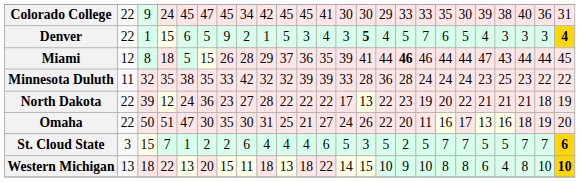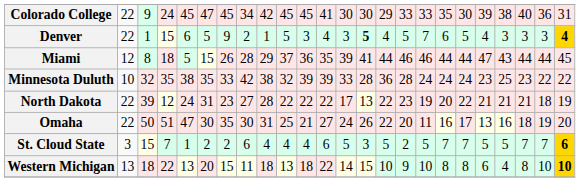 <table class="wikitable sortable" style="text-align: center;">
 <tr>
 </tr>
 <tr>
 <th>Colorado College</th>
 <td>22</td>
 <td bgcolor=D8FFEB>9</td>
 <td bgcolor=FFE6E6>24</td>
 <td bgcolor=FFE6E6>45</td>
 <td bgcolor=FFE6E6>47</td>
 <td bgcolor=FFE6E6>45</td>
 <td bgcolor=FFE6E6>34</td>
 <td bgcolor=FFE6E6>42</td>
 <td bgcolor=FFE6E6>45</td>
 <td bgcolor=FFE6E6>45</td>
 <td bgcolor=FFE6E6>41</td>
 <td bgcolor=FFE6E6>30</td>
 <td bgcolor=FFE6E6>30</td>
 <td bgcolor=FFE6E6>29</td>
 <td bgcolor=FFE6E6>33</td>
 <td bgcolor=FFE6E6>33</td>
 <td bgcolor=FFE6E6>35</td>
 <td bgcolor=FFE6E6>30</td>
 <td bgcolor=FFE6E6>39</td>
 <td bgcolor=FFE6E6>38</td>
 <td bgcolor=FFE6E6>40</td>
 <td bgcolor=FFE6E6>36</td>
 <td bgcolor=FFE6E6>31</td>
 </tr>
 <tr>
 <th>Denver</th>
 <td>22</td>
 <td bgcolor=D8FFEB>1</td>
 <td bgcolor=FFFFE6>15</td>
 <td bgcolor=D8FFEB>6</td>
 <td bgcolor=D8FFEB>5</td>
 <td bgcolor=D8FFEB>9</td>
 <td bgcolor=D8FFEB>2</td>
 <td bgcolor=D8FFEB>1</td>
 <td bgcolor=D8FFEB>5</td>
 <td bgcolor=D8FFEB>3</td>
 <td bgcolor=D8FFEB>4</td>
 <td bgcolor=D8FFEB>3</td>
 <td bgcolor=D8FFEB><strong>5</strong></td>
 <td bgcolor=D8FFEB>4</td>
 <td bgcolor=D8FFEB>5</td>
 <td bgcolor=D8FFEB>7</td>
 <td bgcolor=D8FFEB>6</td>
 <td bgcolor=D8FFEB>5</td>
 <td bgcolor=D8FFEB>4</td>
 <td bgcolor=D8FFEB>3</td>
 <td bgcolor=D8FFEB>3</td>
 <td bgcolor=D8FFEB>3</td>
 <td bgcolor=gold><strong>4</strong></td>
 </tr>
 <tr>
 <th>Miami</th>
 <td>12</td>
 <td bgcolor=D8FFEB>8</td>
 <td bgcolor=FFE6E6>18</td>
 <td bgcolor=D8FFEB>5</td>
 <td bgcolor=FFFFE6>15</td>
 <td bgcolor=FFE6E6>26</td>
 <td bgcolor=FFE6E6>28</td>
 <td bgcolor=FFE6E6>29</td>
 <td bgcolor=FFE6E6>37</td>
 <td bgcolor=FFE6E6>36</td>
 <td bgcolor=FFE6E6>35</td>
 <td bgcolor=FFE6E6>39</td>
 <td bgcolor=FFE6E6>41</td>
 <td bgcolor=FFE6E6>44</td>
-<td bgcolor=FFE6E6><strong>46</strong></td>
+<td bgcolor=FFE6E6>46</td>
 <td bgcolor=FFE6E6>46</td>
 <td bgcolor=FFE6E6>44</td>
 <td bgcolor=FFE6E6>44</td>
 <td bgcolor=FFE6E6>47</td>
 <td bgcolor=FFE6E6>43</td>
 <td bgcolor=FFE6E6>44</td>
 <td bgcolor=FFE6E6>44</td>
 <td bgcolor=FFE6E6>45</td>
 </tr>
 <tr>
 <th>Minnesota Duluth</th>
-<td>11</td>
+<td>10</td>
 <td bgcolor=FFE6E6>32</td>
 <td bgcolor=FFE6E6>35</td>
 <td bgcolor=FFE6E6>38</td>
 <td bgcolor=FFE6E6>35</td>
 <td bgcolor=FFE6E6>33</td>
 <td bgcolor=FFE6E6>42</td>
-<td bgcolor=FFE6E6>32</td>
+<td bgcolor=FFE6E6>38</td>
 <td bgcolor=FFE6E6>32</td>
 <td bgcolor=FFE6E6>39</td>
 <td bgcolor=FFE6E6>39</td>
 <td bgcolor=FFE6E6>33</td>
 <td bgcolor=FFE6E6>28</td>
 <td bgcolor=FFE6E6>36</td>
 <td bgcolor=FFE6E6>28</td>
 <td bgcolor=FFE6E6>24</td>
 <td bgcolor=FFE6E6>24</td>
 <td bgcolor=FFE6E6>24</td>
 <td bgcolor=FFE6E6>23</td>
 <td bgcolor=FFE6E6>25</td>
 <td bgcolor=FFE6E6>23</td>
 <td bgcolor=FFE6E6>22</td>
 <td bgcolor=FFE6E6>22</td>
 </tr>
 <tr>
 <th>North Dakota</th>
 <td>22</td>
 <td bgcolor=FFE6E6>39</td>
 <td bgcolor=FFFFE6>12</td>
 <td bgcolor=FFE6E6>24</td>
-<td bgcolor=FFE6E6>36</td>
+<td bgcolor=FFE6E6>31</td>
 <td bgcolor=FFE6E6>23</td>
 <td bgcolor=FFE6E6>27</td>
 <td bgcolor=FFE6E6>28</td>
 <td bgcolor=FFE6E6>22</td>
 <td bgcolor=FFE6E6>22</td>
 <td bgcolor=FFE6E6>22</td>
 <td bgcolor=FFE6E6>17</td>
 <td bgcolor=FFFFE6>13</td>
 <td bgcolor=FFE6E6>22</td>
 <td bgcolor=FFE6E6>23</td>
 <td bgcolor=FFE6E6>19</td>
 <td bgcolor=FFE6E6>20</td>
 <td bgcolor=FFE6E6>22</td>
 <td bgcolor=FFE6E6>21</td>
 <td bgcolor=FFE6E6>21</td>
 <td bgcolor=FFE6E6>21</td>
 <td bgcolor=FFE6E6>18</td>
 <td bgcolor=FFE6E6>19</td>
 </tr>
 <tr>
 <th>Omaha</th>
 <td>22</td>
 <td bgcolor=FFE6E6>50</td>
 <td bgcolor=FFE6E6>51</td>
 <td bgcolor=FFE6E6>47</td>
 <td bgcolor=FFE6E6>30</td>
 <td bgcolor=FFE6E6>35</td>
 <td bgcolor=FFE6E6>30</td>
 <td bgcolor=FFE6E6>31</td>
 <td bgcolor=FFE6E6>25</td>
 <td bgcolor=FFE6E6>21</td>
 <td bgcolor=FFE6E6>27</td>
 <td bgcolor=FFE6E6>24</td>
 <td bgcolor=FFE6E6>26</td>
 <td bgcolor=FFE6E6>22</td>
 <td bgcolor=FFE6E6>20</td>
 <td bgcolor=FFE6E6>11</td>
 <td bgcolor=FFFFE6>16</td>
 <td bgcolor=FFE6E6>17</td>
 <td bgcolor=FFFFE6>13</td>
 <td bgcolor=FFFFE6>16</td>
 <td bgcolor=FFE6E6>18</td>
 <td bgcolor=FFE6E6>19</td>
 <td bgcolor=FFE6E6>20</td>
 </tr>
 <tr>
 <th>St. Cloud State</th>
 <td>3</td>
 <td bgcolor=FFFFE6>15</td>
 <td bgcolor=D8FFEB>7</td>
 <td bgcolor=D8FFEB>1</td>
 <td bgcolor=D8FFEB>2</td>
 <td bgcolor=D8FFEB>2</td>
 <td bgcolor=D8FFEB>6</td>
 <td bgcolor=D8FFEB>4</td>
 <td bgcolor=D8FFEB>4</td>
 <td bgcolor=D8FFEB>4</td>
 <td bgcolor=D8FFEB>6</td>
 <td bgcolor=D8FFEB>5</td>
 <td bgcolor=D8FFEB>3</td>
 <td bgcolor=D8FFEB>5</td>
 <td bgcolor=D8FFEB>2</td>
 <td bgcolor=D8FFEB>5</td>
 <td bgcolor=D8FFEB>7</td>
 <td bgcolor=D8FFEB>7</td>
 <td bgcolor=D8FFEB>5</td>
 <td bgcolor=D8FFEB>5</td>
 <td bgcolor=D8FFEB>7</td>
 <td bgcolor=D8FFEB>7</td>
 <td bgcolor=gold><strong>6</strong></td>
 </tr>
 <tr>
 <th>Western Michigan</th>
 <td>13</td>
 <td bgcolor=FFE6E6>18</td>
 <td bgcolor=FFE6E6>22</td>
 <td bgcolor=FFFFE6>13</td>
 <td bgcolor=FFE6E6>20</td>
 <td bgcolor=FFFFE6>15</td>
 <td bgcolor=FFFFE6>11</td>
 <td bgcolor=FFE6E6>18</td>
 <td bgcolor=FFFFE6>13</td>
 <td bgcolor=FFE6E6>18</td>
 <td bgcolor=FFE6E6>22</td>
 <td bgcolor=FFFFE6>14</td>
 <td bgcolor=FFFFE6>15</td>
 <td bgcolor=D8FFEB>10</td>
 <td bgcolor=D8FFEB>9</td>
 <td bgcolor=D8FFEB>10</td>
 <td bgcolor=D8FFEB>8</td>
 <td bgcolor=D8FFEB>8</td>
 <td bgcolor=D8FFEB>6</td>
 <td bgcolor=D8FFEB>4</td>
 <td bgcolor=D8FFEB>8</td>
 <td bgcolor=D8FFEB>10</td>
 <td bgcolor=gold><strong>10</strong></td>
 </tr>
 <tr>
 </tr>
 </table>
